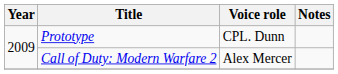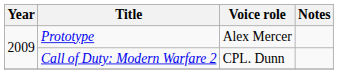 <table class="wikitable sortable plainrowheaders">
 <tr>
 <th scope="col">Year</th>
 <th scope="col">Title</th>
 <th scope="col">Voice role</th>
 <th scope="col" class="unsortable">Notes</th>
 </tr>
 <tr>
 <td rowspan="2">2009</td>
 <td><em><a href='#'>Prototype</a></em></td>
-<td>CPL. Dunn</td>
+<td>Alex Mercer</td>
 <td></td>
 </tr>
 <tr>
 <td><em><a href='#'>Call of Duty: Modern Warfare 2</a></em></td>
-<td>Alex Mercer</td>
+<td>CPL. Dunn</td>
 <td></td>
 </tr>
 <tr>
 </tr>
 </table>
